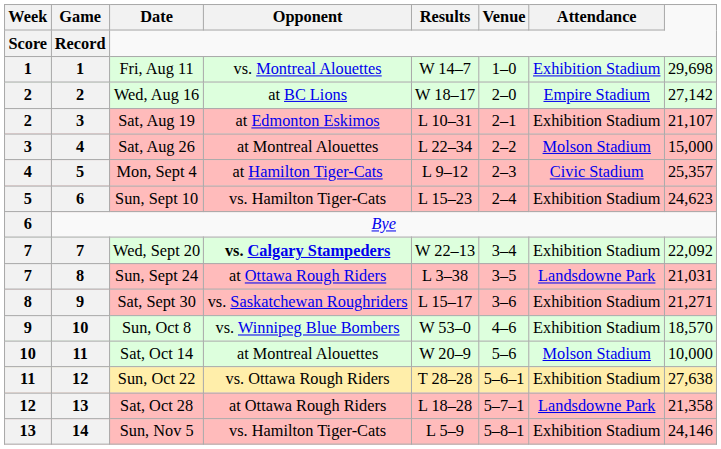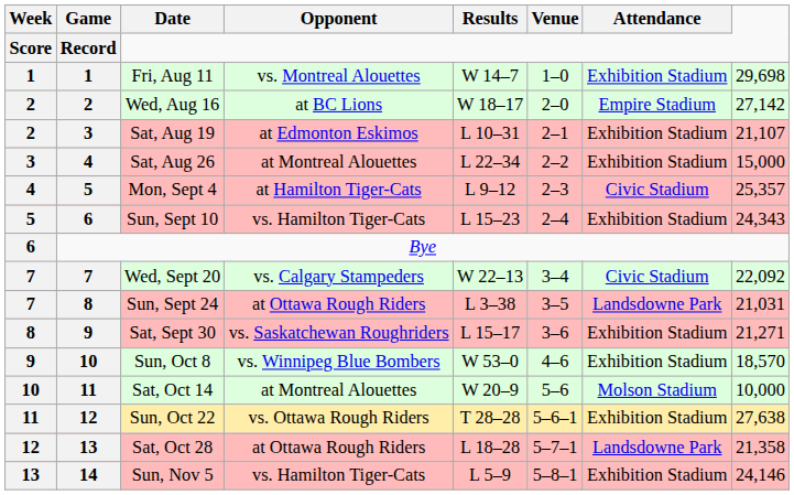 <table class="wikitable" style="text-align:center">
 <tr>
 <th>Week</th>
 <th>Game</th>
 <th>Date</th>
 <th>Opponent</th>
 <th>Results</th>
 <th>Venue</th>
 <th>Attendance</th>
 </tr>
 <tr>
 <th>Score</th>
 <th>Record</th>
 </tr>
 <tr style="background:#ddffdd">
 <th>1</th>
 <th>1</th>
 <td>Fri, Aug 11</td>
 <td>vs. <a href='#'>Montreal Alouettes</a></td>
 <td>W 14–7</td>
 <td>1–0</td>
 <td><a href='#'>Exhibition Stadium</a></td>
 <td>29,698</td>
 </tr>
 <tr style="background:#ddffdd">
 <th>2</th>
 <th>2</th>
 <td>Wed, Aug 16</td>
 <td>at <a href='#'>BC Lions</a></td>
 <td>W 18–17</td>
 <td>2–0</td>
 <td><a href='#'>Empire Stadium</a></td>
 <td>27,142</td>
 </tr>
 <tr style="background:#ffbbbb">
 <th>2</th>
 <th>3</th>
 <td>Sat, Aug 19</td>
 <td>at <a href='#'>Edmonton Eskimos</a></td>
 <td>L 10–31</td>
 <td>2–1</td>
 <td>Exhibition Stadium</td>
 <td>21,107</td>
 </tr>
 <tr style="background:#ffbbbb">
 <th>3</th>
 <th>4</th>
 <td>Sat, Aug 26</td>
 <td>at Montreal Alouettes</td>
 <td>L 22–34</td>
 <td>2–2</td>
-<td><a href='#'>Molson Stadium</a></td>
+<td>Exhibition Stadium</td>
 <td>15,000</td>
 </tr>
 <tr style="background:#ffbbbb">
 <th>4</th>
 <th>5</th>
 <td>Mon, Sept 4</td>
 <td>at <a href='#'>Hamilton Tiger-Cats</a></td>
 <td>L 9–12</td>
 <td>2–3</td>
 <td><a href='#'>Civic Stadium</a></td>
 <td>25,357</td>
 </tr>
 <tr style="background:#ffbbbb">
 <th>5</th>
 <th>6</th>
 <td>Sun, Sept 10</td>
 <td>vs. Hamilton Tiger-Cats</td>
 <td>L 15–23</td>
 <td>2–4</td>
 <td>Exhibition Stadium</td>
-<td>24,623</td>
+<td>24,343</td>
 </tr>
 <tr>
 <th>6</th>
 <td colspan=7><em><a href='#'>Bye</a></em></td>
 </tr>
 <tr style="background:#ddffdd">
 <th>7</th>
 <th>7</th>
 <td>Wed, Sept 20</td>
-<td><strong>vs. <a href='#'>Calgary Stampeders</a></strong></td>
+<td>vs. <a href='#'>Calgary Stampeders</a></td>
 <td>W 22–13</td>
 <td>3–4</td>
-<td>Exhibition Stadium</td>
+<td><a href='#'>Civic Stadium</a></td>
 <td>22,092</td>
 </tr>
 <tr style="background:#ffbbbb">
 <th>7</th>
 <th>8</th>
 <td>Sun, Sept 24</td>
 <td>at <a href='#'>Ottawa Rough Riders</a></td>
 <td>L 3–38</td>
 <td>3–5</td>
 <td><a href='#'>Landsdowne Park</a></td>
 <td>21,031</td>
 </tr>
 <tr style="background:#ffbbbb">
 <th>8</th>
 <th>9</th>
 <td>Sat, Sept 30</td>
 <td>vs. <a href='#'>Saskatchewan Roughriders</a></td>
 <td>L 15–17</td>
 <td>3–6</td>
 <td>Exhibition Stadium</td>
 <td>21,271</td>
 </tr>
 <tr style="background:#ddffdd">
 <th>9</th>
 <th>10</th>
 <td>Sun, Oct 8</td>
 <td>vs. <a href='#'>Winnipeg Blue Bombers</a></td>
 <td>W 53–0</td>
 <td>4–6</td>
 <td>Exhibition Stadium</td>
 <td>18,570</td>
 </tr>
 <tr style="background:#ddffdd">
 <th>10</th>
 <th>11</th>
 <td>Sat, Oct 14</td>
 <td>at Montreal Alouettes</td>
 <td>W 20–9</td>
 <td>5–6</td>
 <td><a href='#'>Molson Stadium</a></td>
 <td>10,000</td>
 </tr>
 <tr style="background:#ffeeaa">
 <th>11</th>
 <th>12</th>
 <td>Sun, Oct 22</td>
 <td>vs. Ottawa Rough Riders</td>
 <td>T 28–28</td>
 <td>5–6–1</td>
 <td>Exhibition Stadium</td>
 <td>27,638</td>
 </tr>
 <tr style="background:#ffbbbb">
 <th>12</th>
 <th>13</th>
 <td>Sat, Oct 28</td>
 <td>at Ottawa Rough Riders</td>
 <td>L 18–28</td>
 <td>5–7–1</td>
 <td><a href='#'>Landsdowne Park</a></td>
 <td>21,358</td>
 </tr>
 <tr style="background:#ffbbbb">
 <th>13</th>
 <th>14</th>
 <td>Sun, Nov 5</td>
 <td>vs. Hamilton Tiger-Cats</td>
 <td>L 5–9</td>
 <td>5–8–1</td>
 <td>Exhibition Stadium</td>
 <td>24,146</td>
 </tr>
 </table>
